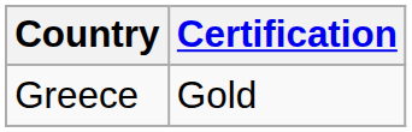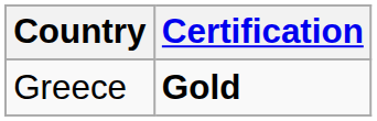 <table class="wikitable">
 <tr>
 <th>Country</th>
 <th><a href='#'>Certification</a></th>
 </tr>
 <tr>
 <td>Greece</td>
-<td>Gold</td>
+<td><strong>Gold</strong></td>
 </tr>
 </table>
